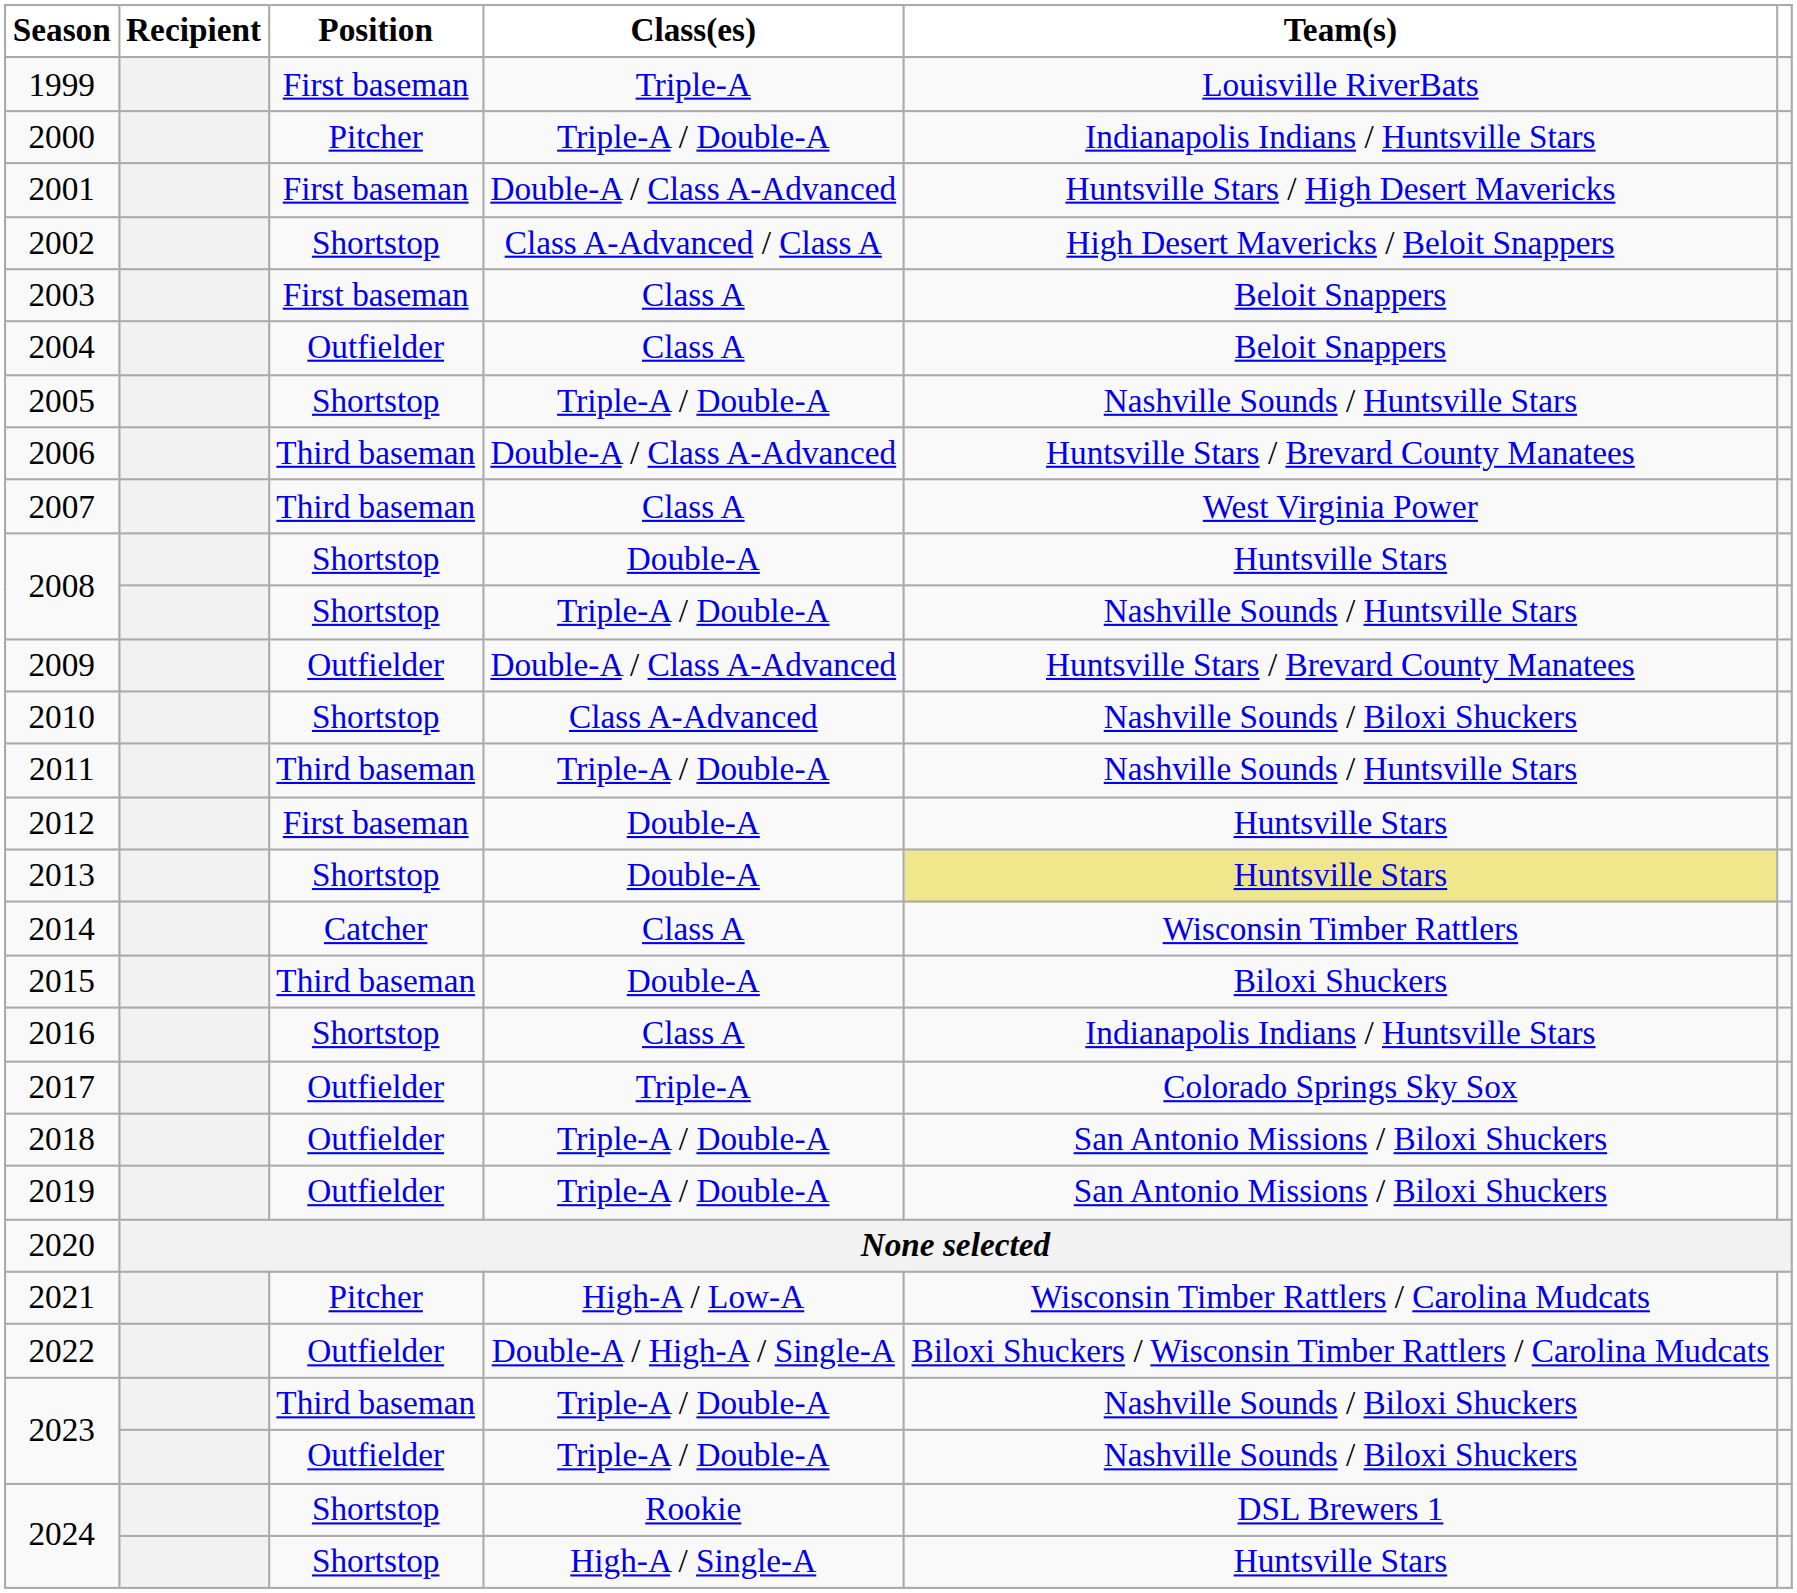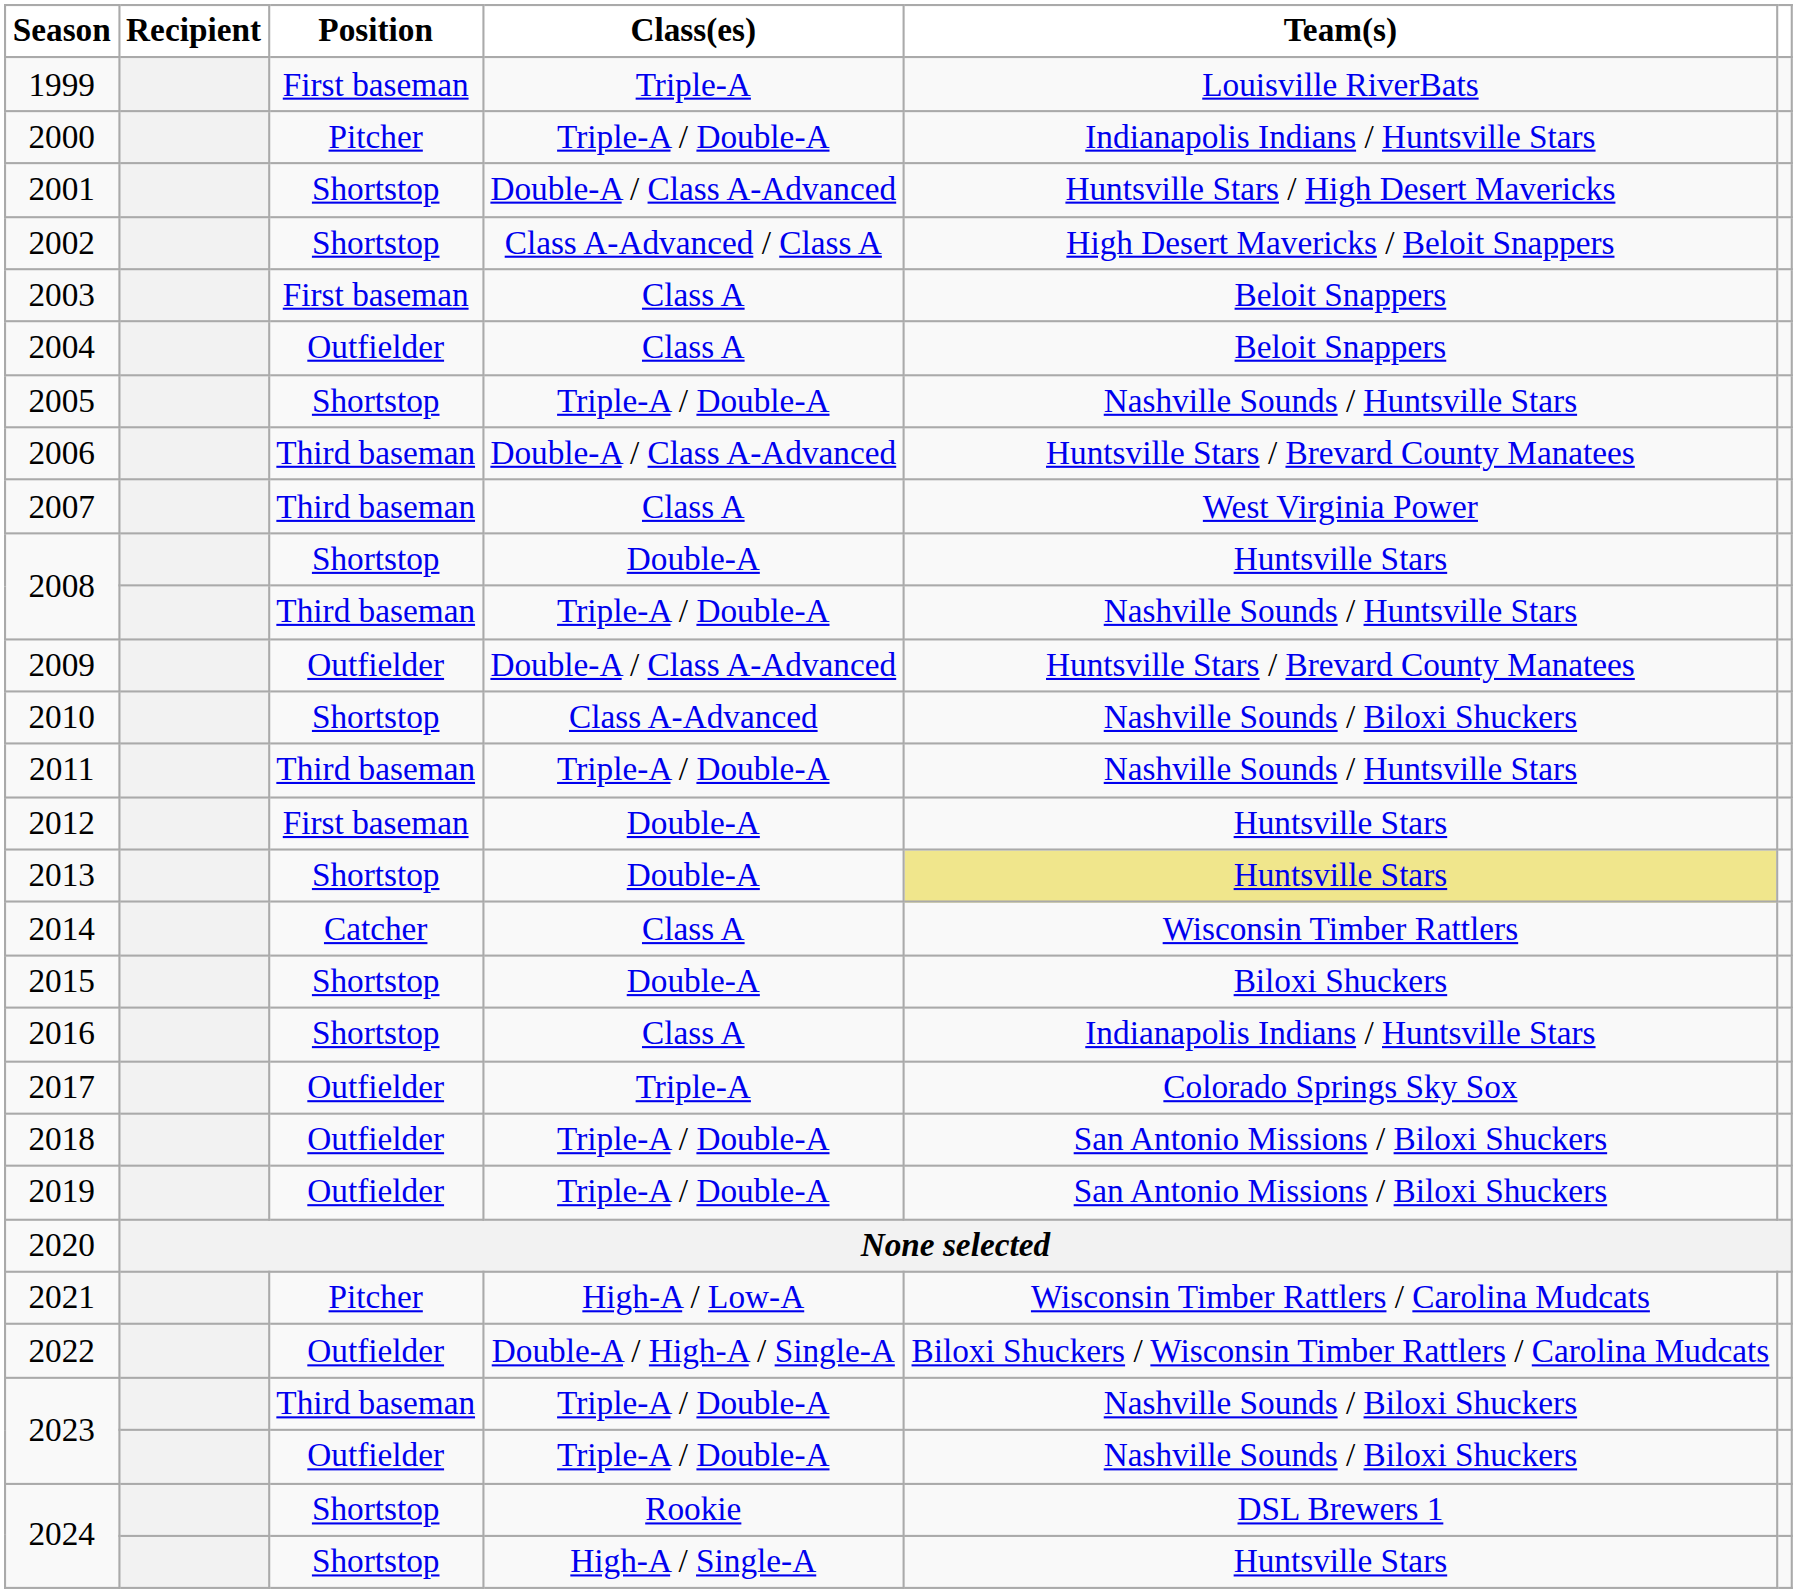 <table class="wikitable sortable plainrowheaders" style="text-align:center">
 <tr>
 <th scope="col" style="background-color:#ffffff; border-top:#">Season</th>
 <th scope="col" style="background-color:#ffffff; border-top:#">Recipient</th>
 <th scope="col" style="background-color:#ffffff; border-top:#">Position</th>
 <th scope="col" style="background-color:#ffffff; border-top:#">Class(es)</th>
 <th scope="col" style="background-color:#ffffff; border-top:#">Team(s)</th>
 <th scope="col" class="unsortable" style="background-color:#ffffff; border-top:#"></th>
 </tr>
 <tr>
 <td>1999</td>
 <th scope="row" style="text-align:center"></th>
 <td><a href='#'>First baseman</a></td>
 <td><a href='#'>Triple-A</a></td>
 <td><a href='#'>Louisville RiverBats</a></td>
 <td></td>
 </tr>
 <tr>
 <td>2000</td>
 <th scope="row" style="text-align:center"></th>
 <td><a href='#'>Pitcher</a></td>
 <td><a href='#'>Triple-A</a> / <a href='#'>Double-A</a></td>
 <td><a href='#'>Indianapolis Indians</a> / <a href='#'>Huntsville Stars</a></td>
 <td></td>
 </tr>
 <tr>
 <td>2001</td>
 <th scope="row" style="text-align:center"></th>
-<td><a href='#'>First baseman</a></td>
+<td><a href='#'>Shortstop</a></td>
 <td><a href='#'>Double-A</a> / <a href='#'>Class A-Advanced</a></td>
 <td><a href='#'>Huntsville Stars</a> / <a href='#'>High Desert Mavericks</a></td>
 <td></td>
 </tr>
 <tr>
 <td>2002</td>
 <th scope="row" style="text-align:center"></th>
 <td><a href='#'>Shortstop</a></td>
 <td><a href='#'>Class A-Advanced</a> / <a href='#'>Class A</a></td>
 <td><a href='#'>High Desert Mavericks</a> / <a href='#'>Beloit Snappers</a></td>
 <td></td>
 </tr>
 <tr>
 <td>2003</td>
 <th scope="row" style="text-align:center"></th>
 <td><a href='#'>First baseman</a></td>
 <td><a href='#'>Class A</a></td>
 <td><a href='#'>Beloit Snappers</a></td>
 <td></td>
 </tr>
 <tr>
 <td>2004</td>
 <th scope="row" style="text-align:center"></th>
 <td><a href='#'>Outfielder</a></td>
 <td><a href='#'>Class A</a></td>
 <td><a href='#'>Beloit Snappers</a></td>
 <td></td>
 </tr>
 <tr>
 <td>2005</td>
 <th scope="row" style="text-align:center"></th>
 <td><a href='#'>Shortstop</a></td>
 <td><a href='#'>Triple-A</a> / <a href='#'>Double-A</a></td>
 <td><a href='#'>Nashville Sounds</a> / <a href='#'>Huntsville Stars</a></td>
 <td></td>
 </tr>
 <tr>
 <td>2006</td>
 <th scope="row" style="text-align:center"></th>
 <td><a href='#'>Third baseman</a></td>
 <td><a href='#'>Double-A</a> / <a href='#'>Class A-Advanced</a></td>
 <td><a href='#'>Huntsville Stars</a> / <a href='#'>Brevard County Manatees</a></td>
 <td></td>
 </tr>
 <tr>
 <td>2007</td>
 <th scope="row" style="text-align:center"> </th>
 <td><a href='#'>Third baseman</a></td>
 <td><a href='#'>Class A</a></td>
 <td><a href='#'>West Virginia Power</a></td>
 <td></td>
 </tr>
 <tr>
 <td rowspan="2">2008</td>
 <th scope="row" style="text-align:center"></th>
 <td><a href='#'>Shortstop</a></td>
 <td><a href='#'>Double-A</a></td>
 <td><a href='#'>Huntsville Stars</a></td>
 <td></td>
 </tr>
 <tr>
 <th scope="row" style="text-align:center"></th>
-<td><a href='#'>Shortstop</a></td>
+<td><a href='#'>Third baseman</a></td>
 <td><a href='#'>Triple-A</a> / <a href='#'>Double-A</a></td>
 <td><a href='#'>Nashville Sounds</a> / <a href='#'>Huntsville Stars</a></td>
 <td></td>
 </tr>
 <tr>
 <td>2009</td>
 <th scope="row" style="text-align:center"></th>
 <td><a href='#'>Outfielder</a></td>
 <td><a href='#'>Double-A</a> / <a href='#'>Class A-Advanced</a></td>
 <td><a href='#'>Huntsville Stars</a> / <a href='#'>Brevard County Manatees</a></td>
 <td></td>
 </tr>
 <tr>
 <td>2010</td>
 <th scope="row" style="text-align:center"></th>
 <td><a href='#'>Shortstop</a></td>
 <td><a href='#'>Class A-Advanced</a></td>
 <td><a href='#'>Nashville Sounds</a> / <a href='#'>Biloxi Shuckers</a></td>
 <td></td>
 </tr>
 <tr>
 <td>2011</td>
 <th scope="row" style="text-align:center"> </th>
 <td><a href='#'>Third baseman</a></td>
 <td><a href='#'>Triple-A</a> / <a href='#'>Double-A</a></td>
 <td><a href='#'>Nashville Sounds</a> / <a href='#'>Huntsville Stars</a></td>
 <td></td>
 </tr>
 <tr>
 <td>2012</td>
 <th scope="row" style="text-align:center"></th>
 <td><a href='#'>First baseman</a></td>
 <td><a href='#'>Double-A</a></td>
 <td><a href='#'>Huntsville Stars</a></td>
 <td></td>
 </tr>
 <tr>
 <td>2013</td>
 <th scope="row" style="text-align:center"></th>
 <td><a href='#'>Shortstop</a></td>
 <td><a href='#'>Double-A</a></td>
 <td style="background: khaki;"><a href='#'>Huntsville Stars</a></td>
 <td></td>
 </tr>
 <tr>
 <td>2014</td>
 <th scope="row" style="text-align:center"></th>
 <td><a href='#'>Catcher</a></td>
 <td><a href='#'>Class A</a></td>
 <td><a href='#'>Wisconsin Timber Rattlers</a></td>
 <td></td>
 </tr>
 <tr>
 <td>2015</td>
 <th scope="row" style="text-align:center"></th>
-<td><a href='#'>Third baseman</a></td>
+<td><a href='#'>Shortstop</a></td>
 <td><a href='#'>Double-A</a></td>
 <td><a href='#'>Biloxi Shuckers</a></td>
 <td></td>
 </tr>
 <tr>
 <td>2016</td>
 <th scope="row" style="text-align:center"></th>
 <td><a href='#'>Shortstop</a></td>
 <td><a href='#'>Class A</a></td>
 <td><a href='#'>Indianapolis Indians</a> / <a href='#'>Huntsville Stars</a></td>
 <td></td>
 </tr>
 <tr>
 <td>2017</td>
 <th scope="row" style="text-align:center"></th>
 <td><a href='#'>Outfielder</a></td>
 <td><a href='#'>Triple-A</a></td>
 <td><a href='#'>Colorado Springs Sky Sox</a></td>
 <td></td>
 </tr>
 <tr>
 <td>2018</td>
 <th scope="row" style="text-align:center"></th>
 <td><a href='#'>Outfielder</a></td>
 <td><a href='#'>Triple-A</a> / <a href='#'>Double-A</a></td>
 <td><a href='#'>San Antonio Missions</a> / <a href='#'>Biloxi Shuckers</a></td>
 <td></td>
 </tr>
 <tr>
 <td>2019</td>
 <th scope="row" style="text-align:center"></th>
 <td><a href='#'>Outfielder</a></td>
 <td><a href='#'>Triple-A</a> / <a href='#'>Double-A</a></td>
 <td><a href='#'>San Antonio Missions</a> / <a href='#'>Biloxi Shuckers</a></td>
 <td></td>
 </tr>
 <tr>
 <td>2020</td>
 <th scope="row" style="text-align:center" colspan="5"><em>None selected</em></th>
 </tr>
 <tr>
 <td>2021</td>
 <th scope="row" style="text-align:center"></th>
 <td><a href='#'>Pitcher</a></td>
 <td><a href='#'>High-A</a> / <a href='#'>Low-A</a></td>
 <td><a href='#'>Wisconsin Timber Rattlers</a> / <a href='#'>Carolina Mudcats</a></td>
 <td></td>
 </tr>
 <tr>
 <td>2022</td>
 <th scope="row" style="text-align:center"> </th>
 <td><a href='#'>Outfielder</a></td>
 <td><a href='#'>Double-A</a> / <a href='#'>High-A</a> / <a href='#'>Single-A</a></td>
 <td><a href='#'>Biloxi Shuckers</a> / <a href='#'>Wisconsin Timber Rattlers</a> / <a href='#'>Carolina Mudcats</a></td>
 <td></td>
 </tr>
 <tr>
 <td rowspan="2">2023</td>
 <th scope="row" style="text-align:center"></th>
 <td><a href='#'>Third baseman</a></td>
 <td><a href='#'>Triple-A</a> / <a href='#'>Double-A</a></td>
 <td><a href='#'>Nashville Sounds</a> / <a href='#'>Biloxi Shuckers</a></td>
 <td></td>
 </tr>
 <tr>
 <th scope="row" style="text-align:center"> </th>
 <td><a href='#'>Outfielder</a></td>
 <td><a href='#'>Triple-A</a> / <a href='#'>Double-A</a></td>
 <td><a href='#'>Nashville Sounds</a> / <a href='#'>Biloxi Shuckers</a></td>
 <td></td>
 </tr>
 <tr>
 <td rowspan="2">2024</td>
 <th scope="row" style="text-align:center"></th>
 <td><a href='#'>Shortstop</a></td>
 <td><a href='#'>Rookie</a></td>
 <td><a href='#'>DSL Brewers 1</a></td>
 <td></td>
 </tr>
 <tr>
 <th scope="row" style="text-align:center"></th>
 <td><a href='#'>Shortstop</a></td>
 <td><a href='#'>High-A</a> / <a href='#'>Single-A</a></td>
 <td><a href='#'>Huntsville Stars</a></td>
 <td></td>
 </tr>
 </table>
